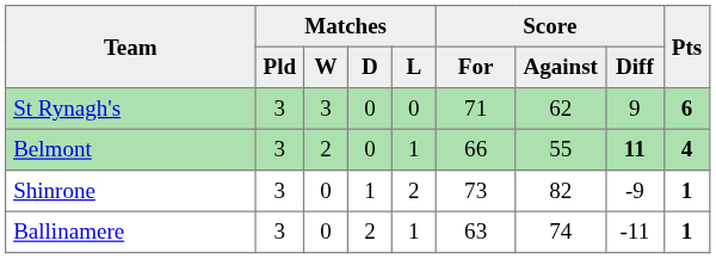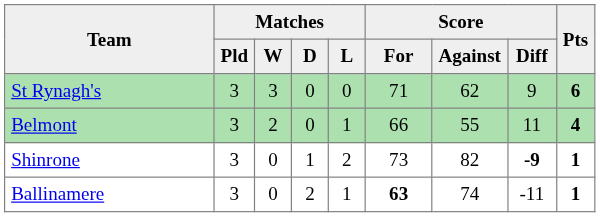 <table style=border-collapse:collapse border=1 cellspacing=0 cellpadding=5>
 <tr align=center bgcolor=#efefef>
 <th rowspan=2 width=165>Team</th>
 <th colspan=4>Matches</th>
 <th colspan=3>Score</th>
 <th rowspan=2width=20>Pts</th>
 </tr>
 <tr align=center bgcolor=#efefef>
 <th width=20>Pld</th>
 <th width=20>W</th>
 <th width=20>D</th>
 <th width=20>L</th>
 <th width=45>For</th>
 <th width=45>Against</th>
 <th width=30>Diff</th>
 </tr>
 <tr align=center style="background:#ACE1AF;">
 <td style="text-align:left;"><a href='#'>St Rynagh's</a></td>
 <td>3</td>
 <td>3</td>
 <td>0</td>
 <td>0</td>
 <td>71</td>
 <td>62</td>
 <td>9</td>
 <td><strong>6</strong></td>
 </tr>
 <tr align=center style="background:#ACE1AF;">
 <td style="text-align:left;"><a href='#'>Belmont</a></td>
 <td>3</td>
 <td>2</td>
 <td>0</td>
 <td>1</td>
 <td>66</td>
 <td>55</td>
-<td><strong>11</strong></td>
+<td>11</td>
 <td><strong>4</strong></td>
 </tr>
 <tr align=center>
 <td style="text-align:left;"><a href='#'>Shinrone</a></td>
 <td>3</td>
 <td>0</td>
 <td>1</td>
 <td>2</td>
 <td>73</td>
 <td>82</td>
-<td>-9</td>
+<td><strong>-9</strong></td>
 <td><strong>1</strong></td>
 </tr>
 <tr align=center>
 <td style="text-align:left;"><a href='#'>Ballinamere</a></td>
 <td>3</td>
 <td>0</td>
 <td>2</td>
 <td>1</td>
-<td>63</td>
+<td><strong>63</strong></td>
 <td>74</td>
 <td>-11</td>
 <td><strong>1</strong></td>
 </tr>
 </table>
